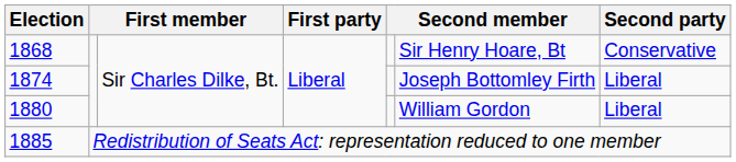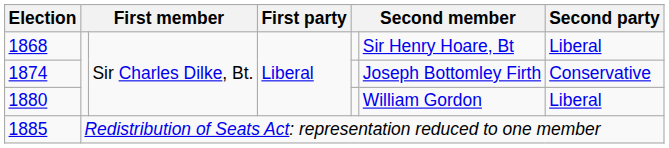 <table class="wikitable">
 <tr>
 <th>Election</th>
 <th colspan="2">First member</th>
 <th>First party</th>
 <th colspan="2">Second member</th>
 <th>Second party</th>
 </tr>
 <tr>
 <td><a href='#'>1868</a></td>
 <td rowspan="3" style="color:inherit;background-color: "></td>
 <td rowspan="3">Sir <a href='#'>Charles Dilke</a>, Bt. </td>
 <td rowspan="3"><a href='#'>Liberal</a></td>
 <td style="color:inherit;background-color: "></td>
 <td><a href='#'>Sir Henry Hoare, Bt</a> 	</td>
-<td><a href='#'>Conservative</a></td>
+<td><a href='#'>Liberal</a></td>
 </tr>
 <tr>
 <td><a href='#'>1874</a></td>
 <td style="color:inherit;background-color: "></td>
 <td><a href='#'>Joseph Bottomley Firth</a> 	</td>
-<td><a href='#'>Liberal</a></td>
+<td><a href='#'>Conservative</a></td>
 </tr>
 <tr>
 <td><a href='#'>1880</a></td>
 <td style="color:inherit;background-color: "></td>
 <td><a href='#'>William Gordon</a> 	</td>
 <td><a href='#'>Liberal</a></td>
 </tr>
 <tr>
 <td><a href='#'>1885</a></td>
 <td colspan="6"><em><a href='#'>Redistribution of Seats Act</a>: representation reduced to one member</em></td>
 </tr>
 </table>
